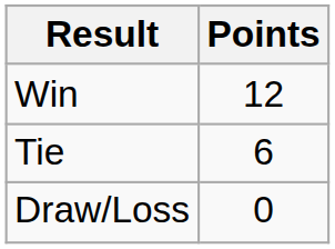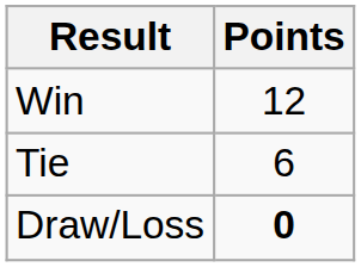 <table class="wikitable" style="margin: 1em auto 1em auto">
 <tr>
 <th>Result</th>
 <th>Points</th>
 </tr>
 <tr>
 <td>Win</td>
 <td style="text-align:center;">12</td>
 </tr>
 <tr>
 <td>Tie</td>
 <td style="text-align:center;">6</td>
 </tr>
 <tr>
 <td>Draw/Loss</td>
-<td style="text-align:center;">0</td>
+<td style="text-align:center;"><strong>0</strong></td>
 </tr>
 </table>
